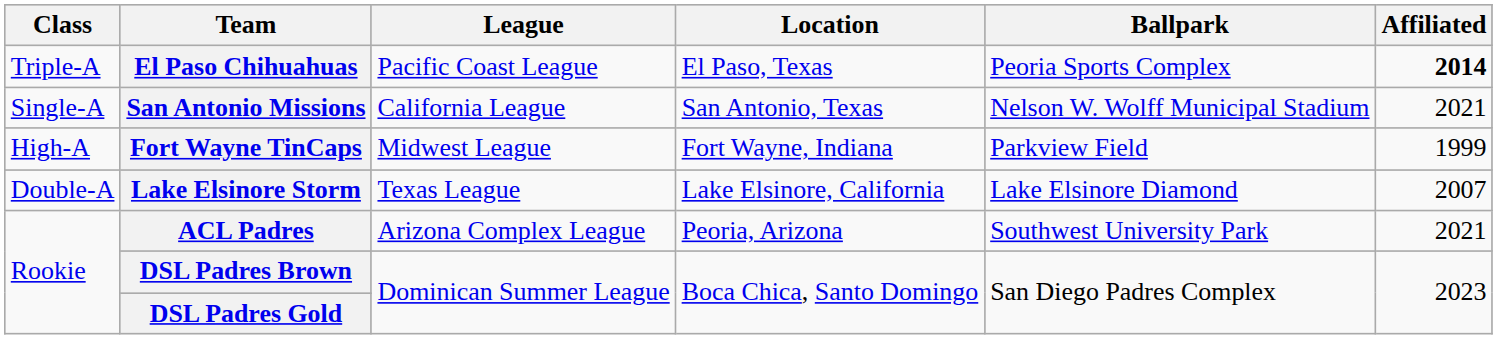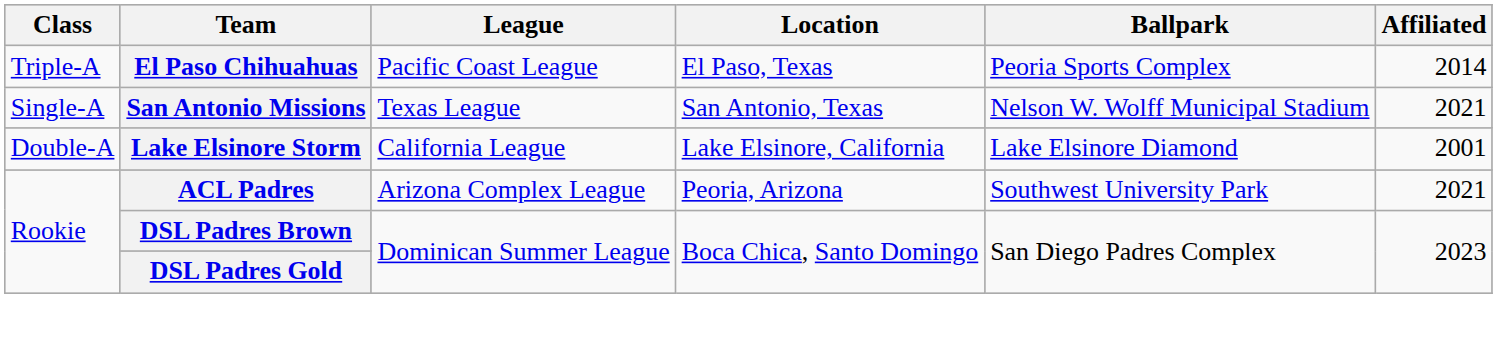 <table class="wikitable plainrowheaders sortable">
 <tr>
 <th scope="col">Class</th>
 <th scope="col">Team</th>
 <th scope="col">League</th>
 <th scope="col">Location</th>
 <th scope="col">Ballpark</th>
 <th scope="col">Affiliated</th>
 </tr>
 <tr>
 <td><a href='#'>Triple-A</a></td>
 <th scope="row"><a href='#'>El Paso Chihuahuas</a></th>
 <td><a href='#'>Pacific Coast League</a></td>
 <td><a href='#'>El Paso, Texas</a></td>
 <td><a href='#'>Peoria Sports Complex</a></td>
-<td align="right"><strong>2014</strong></td>
+<td align="right">2014</td>
 </tr>
 <tr>
 <td><a href='#'>Single-A</a></td>
 <th scope="row"><a href='#'>San Antonio Missions</a></th>
-<td><a href='#'>California League</a></td>
+<td><a href='#'>Texas League</a></td>
 <td><a href='#'>San Antonio, Texas</a></td>
 <td><a href='#'>Nelson W. Wolff Municipal Stadium</a></td>
 <td align="right">2021</td>
 </tr>
 <tr>
-<td><a href='#'>High-A</a></td>
-<th scope="row"><a href='#'>Fort Wayne TinCaps</a></th>
-<td><a href='#'>Midwest League</a></td>
-<td><a href='#'>Fort Wayne, Indiana</a></td>
-<td><a href='#'>Parkview Field</a></td>
-<td align="right">1999</td>
-</tr>
-<tr>
 <td><a href='#'>Double-A</a></td>
 <th scope="row"><a href='#'>Lake Elsinore Storm</a></th>
-<td><a href='#'>Texas League</a></td>
+<td><a href='#'>California League</a></td>
 <td><a href='#'>Lake Elsinore, California</a></td>
 <td><a href='#'>Lake Elsinore Diamond</a></td>
-<td align="right">2007</td>
+<td align="right">2001</td>
 </tr>
 <tr>
 <td rowspan="3"><a href='#'>Rookie</a></td>
 <th scope="row"><a href='#'>ACL Padres</a></th>
 <td><a href='#'>Arizona Complex League</a></td>
 <td><a href='#'>Peoria, Arizona</a></td>
 <td><a href='#'>Southwest University Park</a></td>
 <td align="right">2021</td>
 </tr>
 <tr>
 <th scope="row"><a href='#'>DSL Padres Brown</a></th>
 <td rowspan="2"><a href='#'>Dominican Summer League</a></td>
 <td rowspan="2"><a href='#'>Boca Chica</a>, <a href='#'>Santo Domingo</a></td>
 <td rowspan="2">San Diego Padres Complex</td>
 <td rowspan="2" align="right">2023</td>
 </tr>
 <tr>
 <th scope="row"><a href='#'>DSL Padres Gold</a></th>
 </tr>
 </table>
